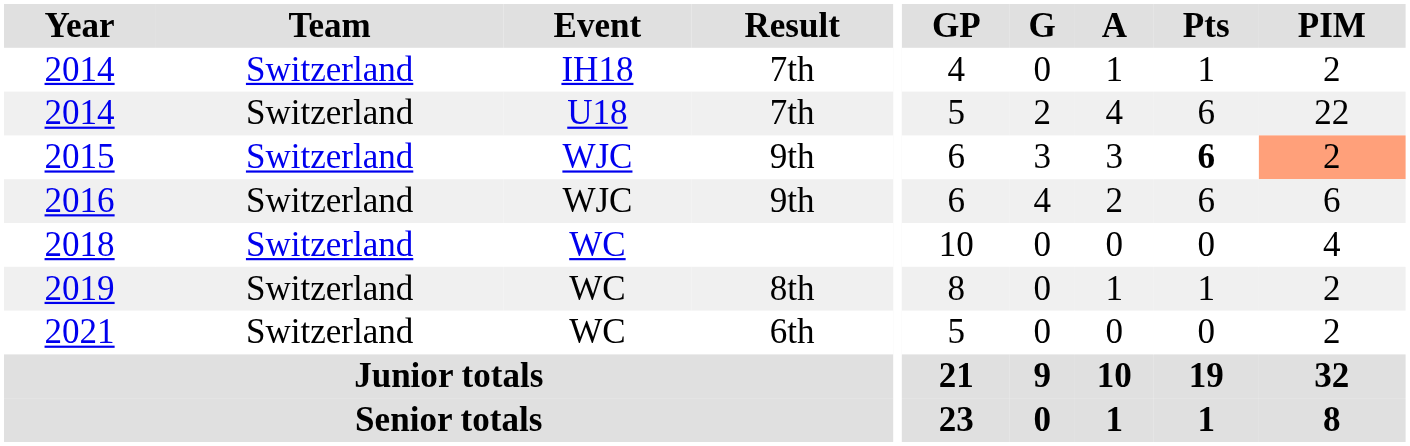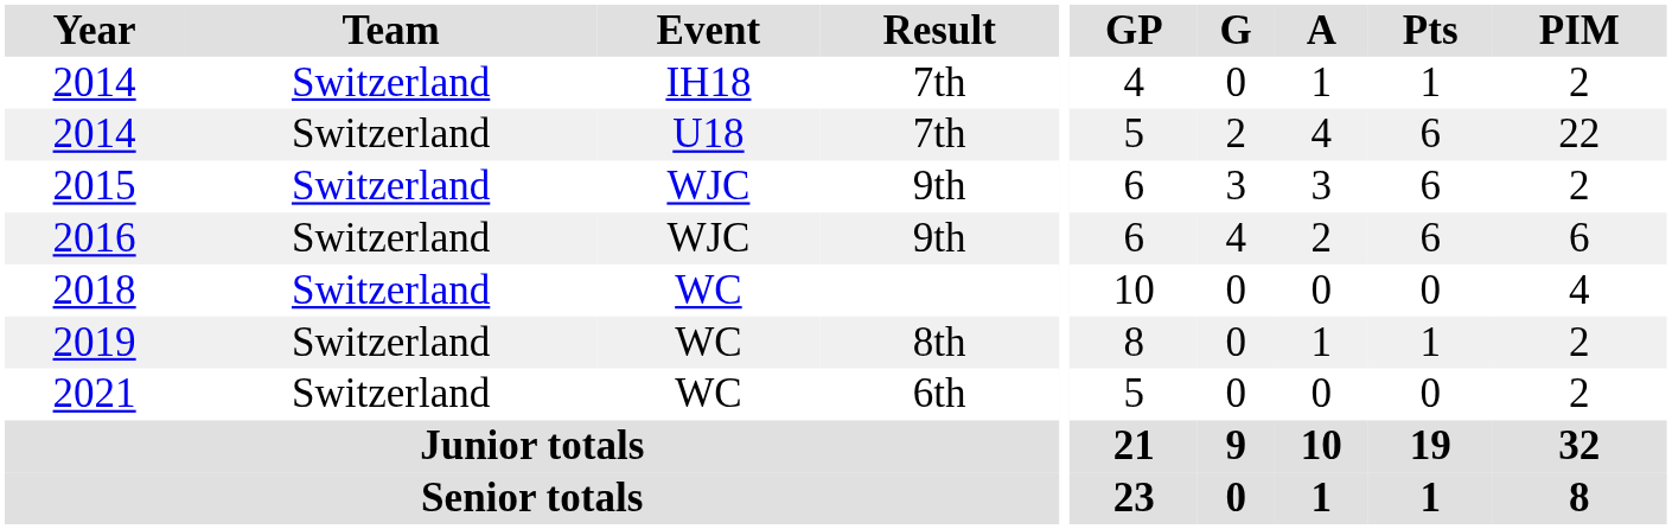 <table border="0" cellpadding="1" cellspacing="0" ID="Table3" style="text-align:center; width:40em">
 <tr ALIGN="center" bgcolor="#e0e0e0">
 <th>Year</th>
 <th>Team</th>
 <th>Event</th>
 <th>Result</th>
 <th rowspan="99" bgcolor="#ffffff"></th>
 <th>GP</th>
 <th>G</th>
 <th>A</th>
 <th>Pts</th>
 <th>PIM</th>
 </tr>
 <tr>
 <td><a href='#'>2014</a></td>
 <td><a href='#'>Switzerland</a></td>
 <td><a href='#'>IH18</a></td>
 <td>7th</td>
 <td>4</td>
 <td>0</td>
 <td>1</td>
 <td>1</td>
 <td>2</td>
 </tr>
 <tr bgcolor="#f0f0f0">
 <td><a href='#'>2014</a></td>
 <td>Switzerland</td>
 <td><a href='#'>U18</a></td>
 <td>7th</td>
 <td>5</td>
 <td>2</td>
 <td>4</td>
 <td>6</td>
 <td>22</td>
 </tr>
 <tr>
 <td><a href='#'>2015</a></td>
 <td><a href='#'>Switzerland</a></td>
 <td><a href='#'>WJC</a></td>
 <td>9th</td>
 <td>6</td>
 <td>3</td>
 <td>3</td>
-<td><strong>6</strong></td>
-<td style="background: lightsalmon;">2</td>
+<td>6</td>
+<td>2</td>
 </tr>
 <tr bgcolor="#f0f0f0">
 <td><a href='#'>2016</a></td>
 <td>Switzerland</td>
 <td>WJC</td>
 <td>9th</td>
 <td>6</td>
 <td>4</td>
 <td>2</td>
 <td>6</td>
 <td>6</td>
 </tr>
 <tr>
 <td><a href='#'>2018</a></td>
 <td><a href='#'>Switzerland</a></td>
 <td><a href='#'>WC</a></td>
 <td></td>
 <td>10</td>
 <td>0</td>
 <td>0</td>
 <td>0</td>
 <td>4</td>
 </tr>
 <tr bgcolor="#f0f0f0">
 <td><a href='#'>2019</a></td>
 <td>Switzerland</td>
 <td>WC</td>
 <td>8th</td>
 <td>8</td>
 <td>0</td>
 <td>1</td>
 <td>1</td>
 <td>2</td>
 </tr>
 <tr>
 <td><a href='#'>2021</a></td>
 <td>Switzerland</td>
 <td>WC</td>
 <td>6th</td>
 <td>5</td>
 <td>0</td>
 <td>0</td>
 <td>0</td>
 <td>2</td>
 </tr>
 <tr bgcolor="#e0e0e0">
 <th colspan="4">Junior totals</th>
 <th>21</th>
 <th>9</th>
 <th>10</th>
 <th>19</th>
 <th>32</th>
 </tr>
 <tr bgcolor="#e0e0e0">
 <th colspan="4">Senior totals</th>
 <th>23</th>
 <th>0</th>
 <th>1</th>
 <th>1</th>
 <th>8</th>
 </tr>
 </table>
